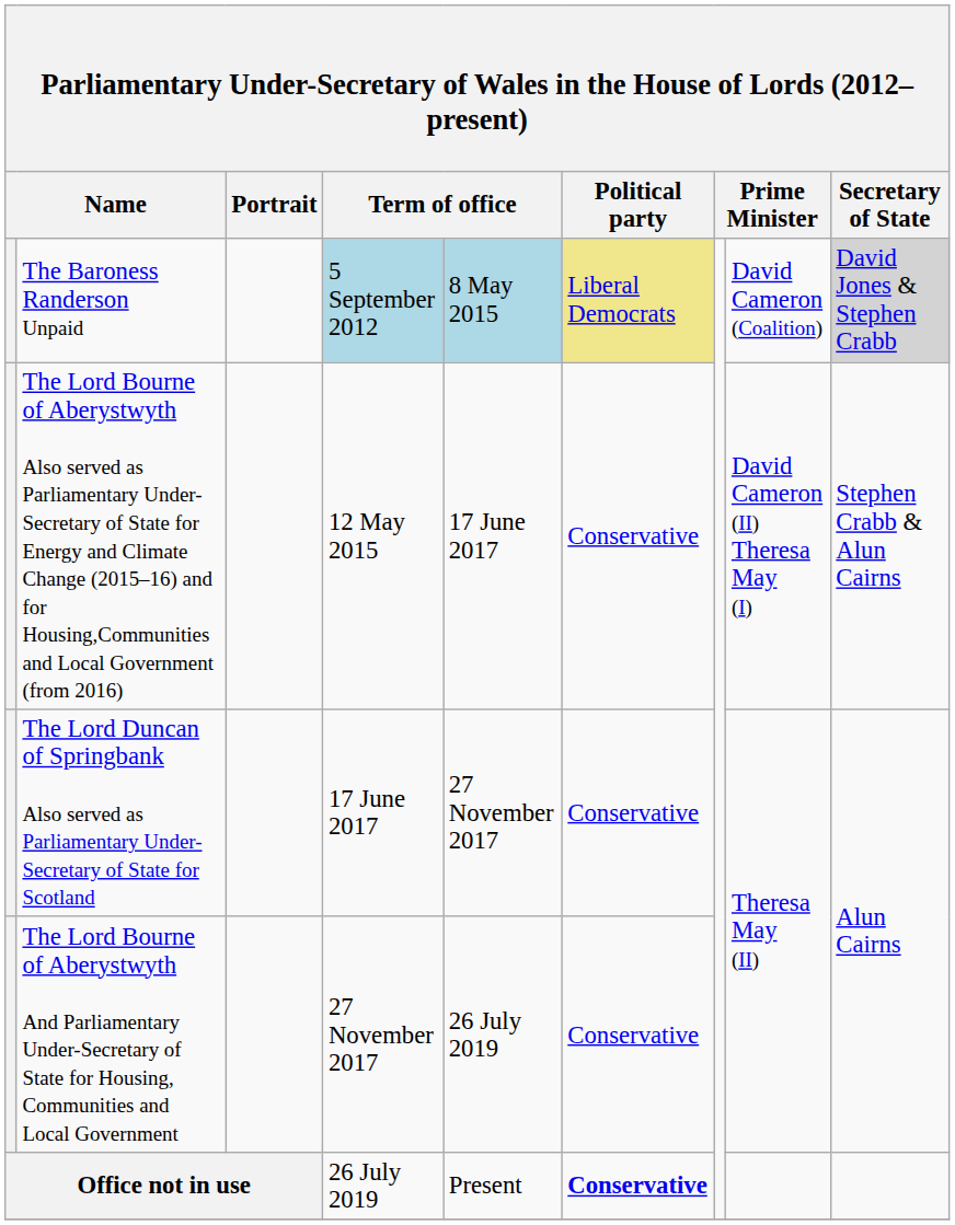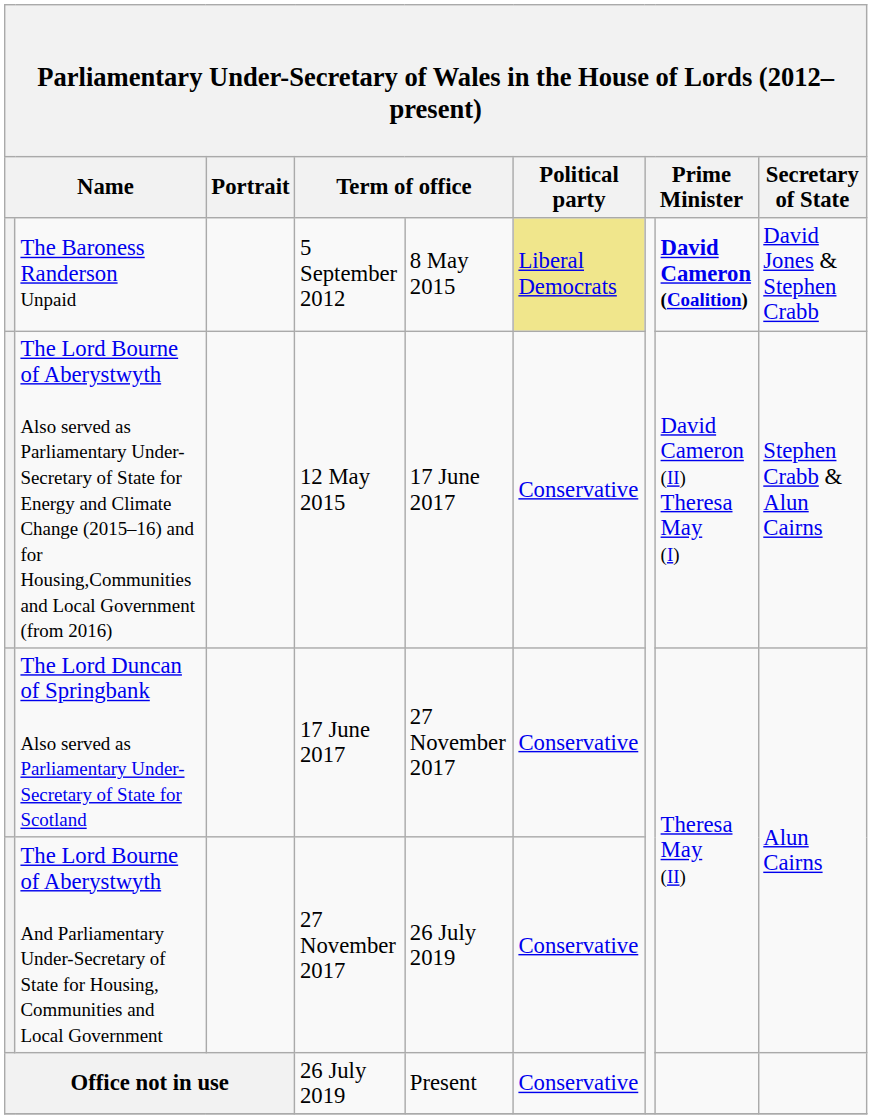 <table class="wikitable">
 <tr>
 <th colspan=9><br><h3>Parliamentary Under-Secretary of Wales in the House of Lords (2012–present)</h3></th>
 </tr>
 <tr>
 <th colspan=2>Name</th>
 <th>Portrait</th>
 <th colspan=2>Term of office</th>
 <th>Political party</th>
 <th colspan=2>Prime Minister</th>
 <th>Secretary of State</th>
 </tr>
 <tr>
 <th style="background-color: "></th>
 <td><a href='#'>The Baroness Randerson</a> <br><small>Unpaid</small></td>
 <td></td>
-<td style="background: lightblue;">5 September 2012</td>
-<td style="background: lightblue;">8 May 2015</td>
+<td>5 September 2012</td>
+<td>8 May 2015</td>
 <td style="background: khaki;"><a href='#'>Liberal Democrats</a></td>
 <td rowspan=5 style="background-color: "></td>
-<td><a href='#'>David Cameron</a><br><small>(<a href='#'>Coalition</a>)</small></td>
-<td style="background: lightgrey;"><a href='#'>David Jones</a> & <a href='#'>Stephen Crabb</a></td>
+<td><strong><a href='#'>David Cameron</a><br><small>(<a href='#'>Coalition</a>)</small></strong></td>
+<td><a href='#'>David Jones</a> & <a href='#'>Stephen Crabb</a></td>
 </tr>
 <tr>
 <th style="background-color: "></th>
 <td><a href='#'>The Lord Bourne of Aberystwyth</a><br><br><small>Also served as Parliamentary Under-Secretary of State for <br> Energy and Climate Change (2015–16) and for <br> Housing,Communities and Local Government (from 2016)</small></td>
 <td></td>
 <td>12 May 2015</td>
 <td>17 June 2017</td>
 <td><a href='#'>Conservative</a></td>
 <td><a href='#'>David Cameron</a><br><small>(<a href='#'>II</a>)</small> <br> <a href='#'>Theresa May</a><br><small>(<a href='#'>I</a>)</small></td>
 <td><a href='#'>Stephen Crabb</a> & <a href='#'>Alun Cairns</a></td>
 </tr>
 <tr>
 <th style="background-color: "></th>
 <td><a href='#'>The Lord Duncan of Springbank</a><br><br><small>Also served as <a href='#'>Parliamentary Under-Secretary of State for Scotland</a></small></td>
 <td></td>
 <td>17 June 2017</td>
 <td>27 November 2017</td>
 <td><a href='#'>Conservative</a></td>
 <td rowspan=2><a href='#'>Theresa May</a><br><small>(<a href='#'>II</a>)</small></td>
 <td rowspan=2><a href='#'>Alun Cairns</a></td>
 </tr>
 <tr>
 <th style="background-color: "></th>
 <td><a href='#'>The Lord Bourne of Aberystwyth</a><br><br><small>And Parliamentary Under-Secretary of State for Housing, <br> Communities and Local Government</small></td>
 <td></td>
 <td>27 November 2017</td>
 <td>26 July 2019</td>
 <td><a href='#'>Conservative</a></td>
 </tr>
 <tr>
 <th colspan=3>Office not in use</th>
 <td>26 July 2019</td>
 <td>Present</td>
-<td><strong><a href='#'>Conservative</a></strong></td>
+<td><a href='#'>Conservative</a></td>
 <td></td>
 <td></td>
 </tr>
 <tr>
 </tr>
 </table>
